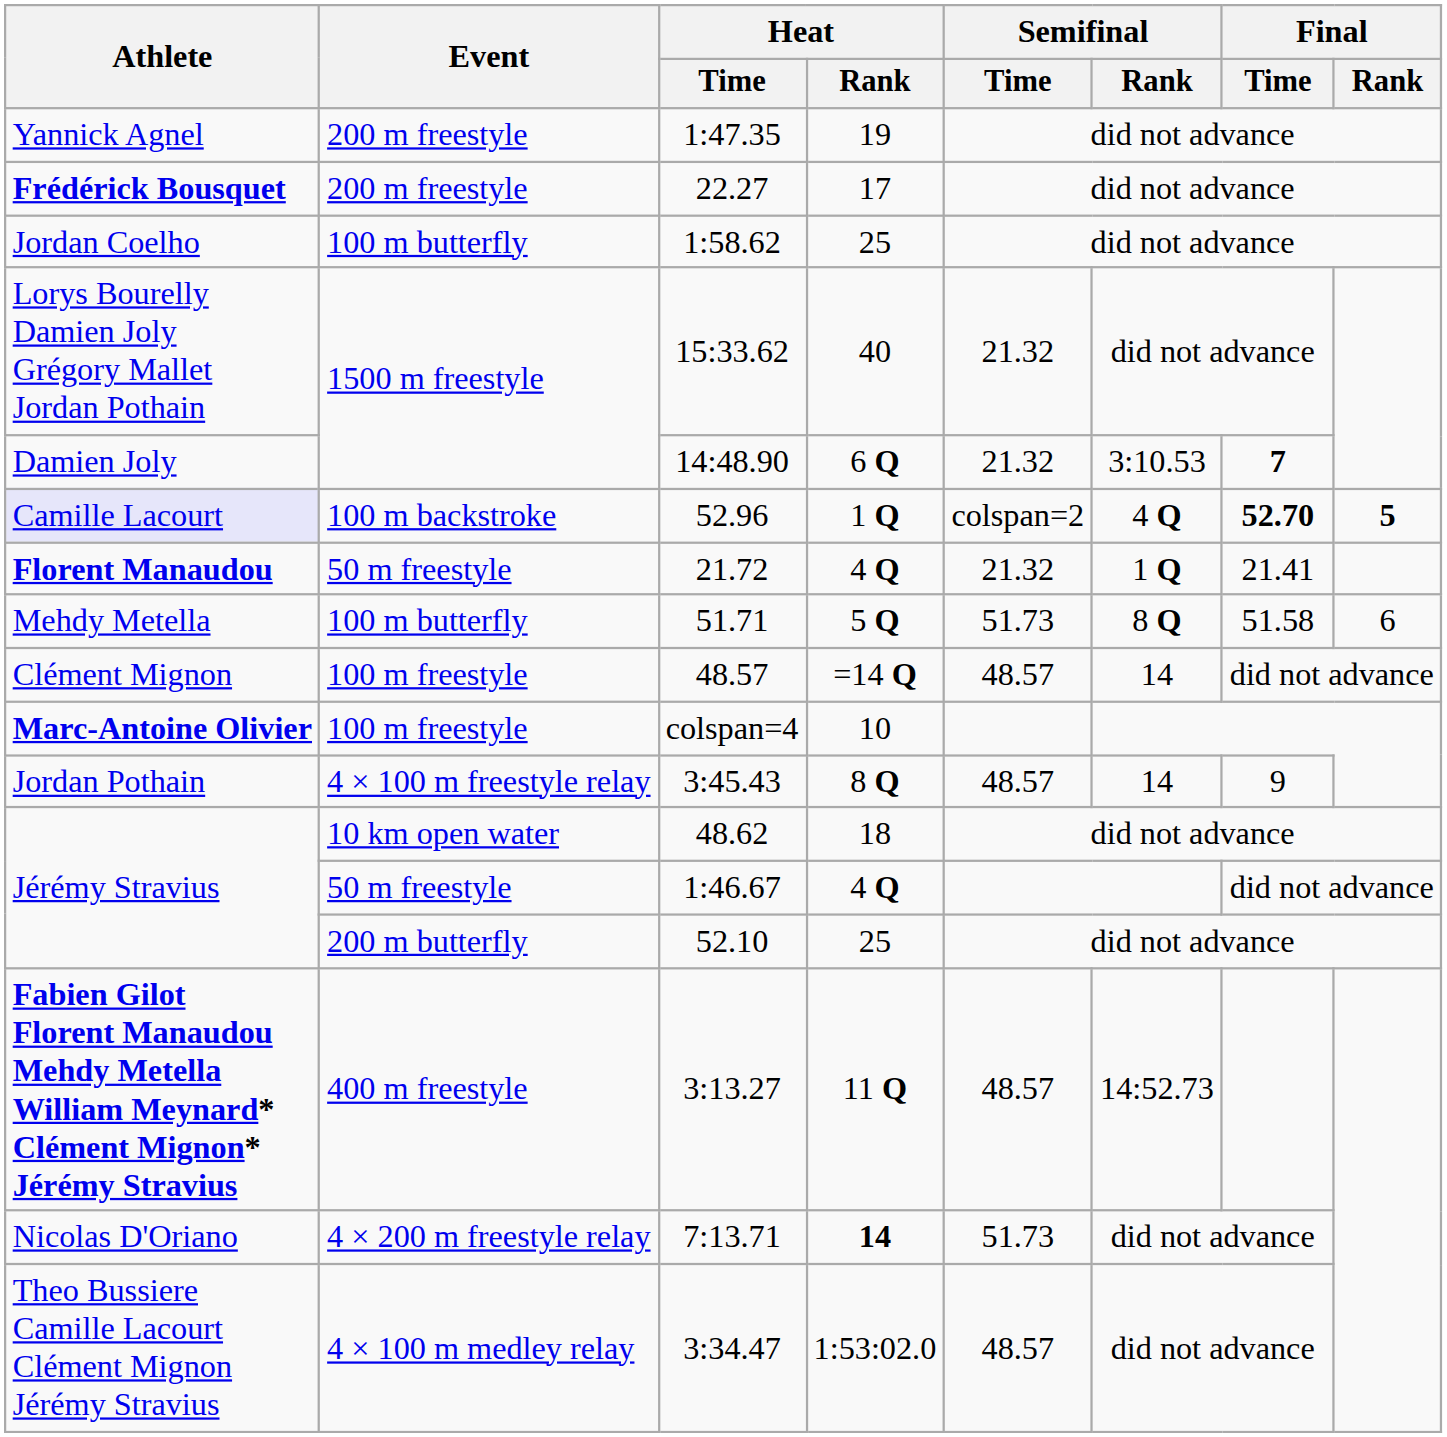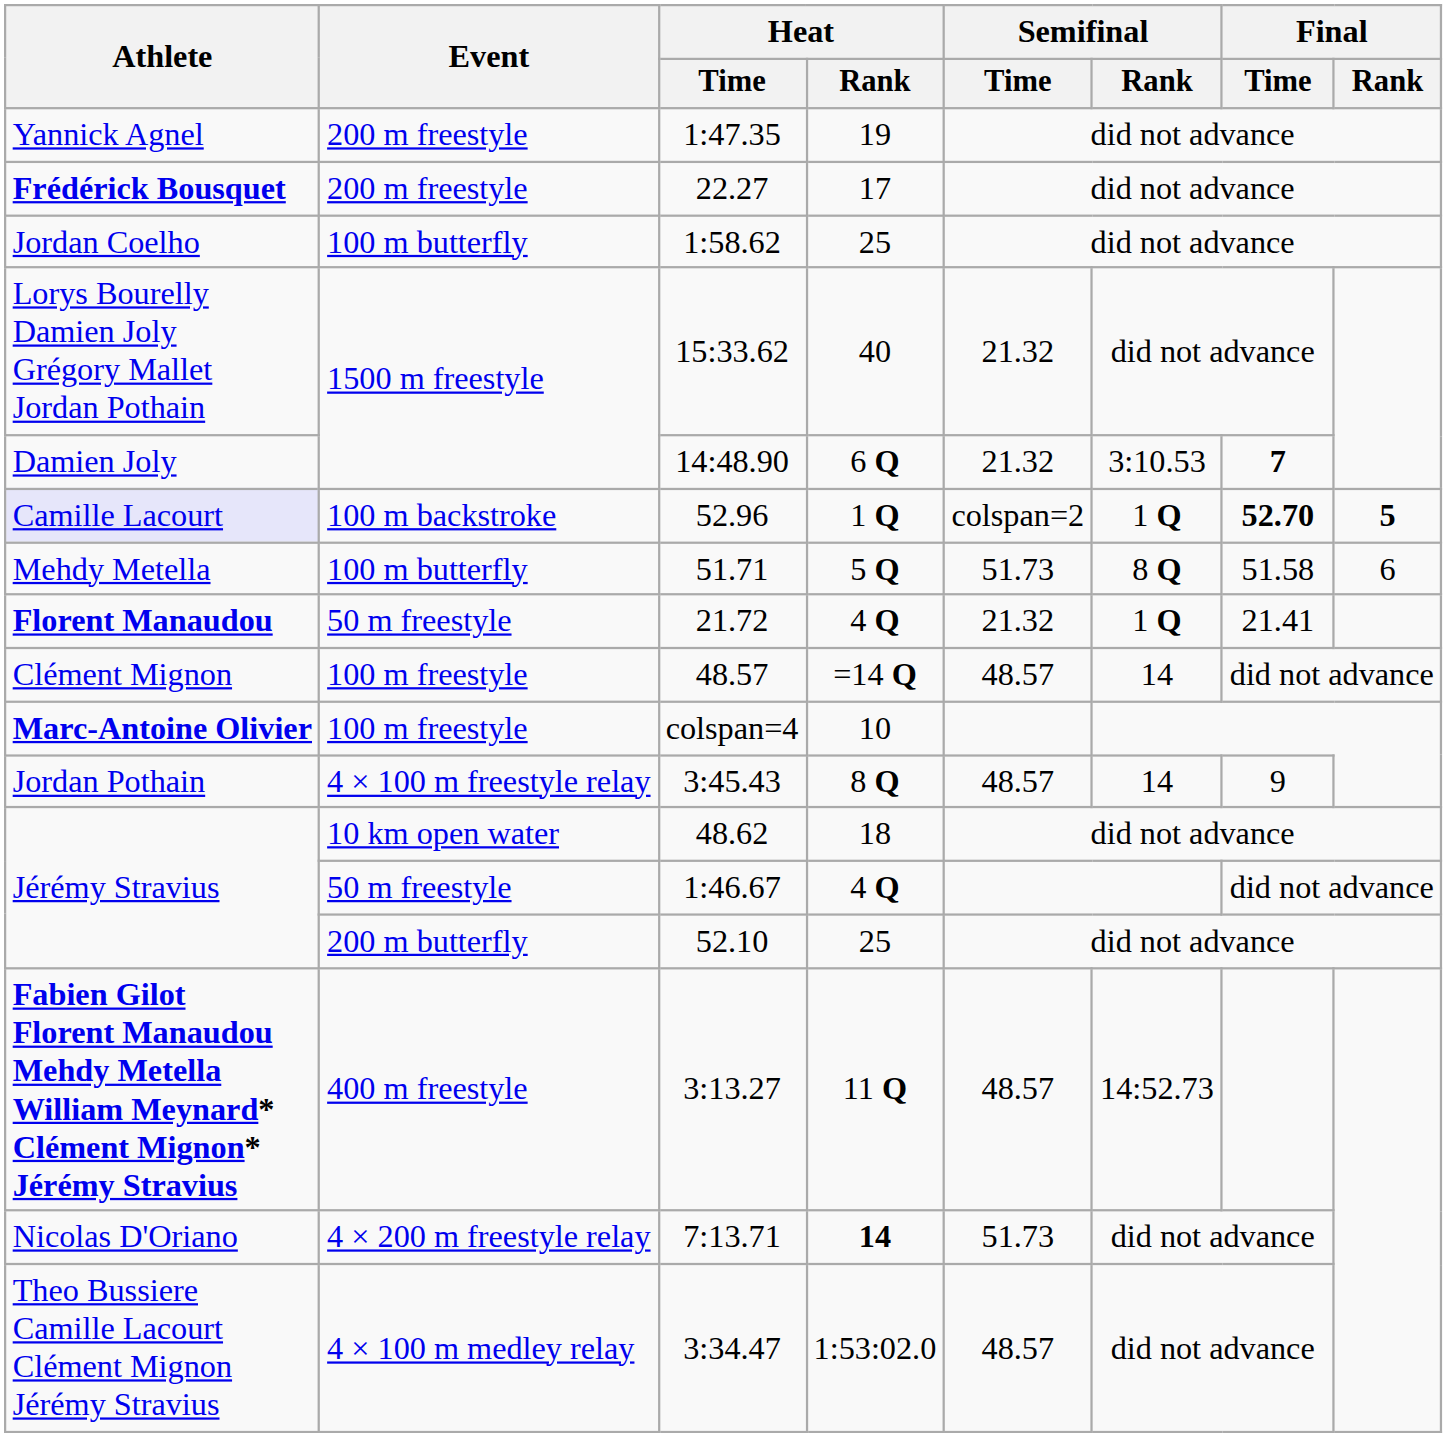 <table class=wikitable style="font-size:90%">
 <tr>
 <th rowspan="2">Athlete</th>
 <th rowspan="2">Event</th>
 <th colspan="2">Heat</th>
 <th colspan="2">Semifinal</th>
 <th colspan="2">Final</th>
 </tr>
 <tr style="font-size:95%">
 <th>Time</th>
 <th>Rank</th>
 <th>Time</th>
 <th>Rank</th>
 <th>Time</th>
 <th>Rank</th>
 </tr>
 <tr align=center>
 <td align=left><a href='#'>Yannick Agnel</a></td>
 <td align=left><a href='#'>200 m freestyle</a></td>
 <td>1:47.35</td>
 <td>19</td>
 <td colspan=4>did not advance</td>
 </tr>
 <tr align=center>
 <td align=left><strong><a href='#'>Frédérick Bousquet</a></strong></td>
 <td align=left><a href='#'>200 m freestyle</a></td>
 <td>22.27</td>
 <td>17</td>
 <td colspan=4>did not advance</td>
 </tr>
 <tr align=center>
 <td align=left><a href='#'>Jordan Coelho</a></td>
 <td align=left><a href='#'>100 m butterfly</a></td>
 <td>1:58.62</td>
 <td>25</td>
 <td colspan=4>did not advance</td>
 </tr>
 <tr align=center>
 <td align=left><a href='#'>Lorys Bourelly</a><br><a href='#'>Damien Joly</a><br><a href='#'>Grégory Mallet</a><br><a href='#'>Jordan Pothain</a></td>
 <td align=left rowspan=2><a href='#'>1500 m freestyle</a></td>
 <td>15:33.62</td>
 <td>40</td>
 <td>21.32</td>
 <td colspan=2>did not advance</td>
 </tr>
 <tr align=center>
 <td align=left><a href='#'>Damien Joly</a></td>
 <td>14:48.90</td>
 <td>6 <strong>Q</strong></td>
 <td>21.32</td>
 <td>3:10.53</td>
 <td><strong>7</strong></td>
 </tr>
 <tr align=center>
 <td align=left style="background: lavender;"><a href='#'>Camille Lacourt</a></td>
 <td align=left><a href='#'>100 m backstroke</a></td>
 <td>52.96</td>
 <td>1 <strong>Q</strong></td>
 <td>colspan=2 </td>
-<td>4 <strong>Q</strong></td>
+<td>1 <strong>Q</strong></td>
 <td><strong>52.70</strong></td>
 <td><strong>5</strong></td>
+</tr>
+<tr align=center>
+<td align=left><a href='#'>Mehdy Metella</a></td>
+<td align=left><a href='#'>100 m butterfly</a></td>
+<td>51.71</td>
+<td>5 <strong>Q</strong></td>
+<td>51.73</td>
+<td>8 <strong>Q</strong></td>
+<td>51.58</td>
+<td>6</td>
 </tr>
 <tr align=center>
 <td align=left><strong><a href='#'>Florent Manaudou</a></strong></td>
 <td align=left><a href='#'>50 m freestyle</a></td>
 <td>21.72</td>
 <td>4 <strong>Q</strong></td>
 <td>21.32</td>
 <td>1 <strong>Q</strong></td>
 <td>21.41</td>
 <td></td>
-</tr>
-<tr align=center>
-<td align=left><a href='#'>Mehdy Metella</a></td>
-<td align=left><a href='#'>100 m butterfly</a></td>
-<td>51.71</td>
-<td>5 <strong>Q</strong></td>
-<td>51.73</td>
-<td>8 <strong>Q</strong></td>
-<td>51.58</td>
-<td>6</td>
 </tr>
 <tr align=center>
 <td align=left><a href='#'>Clément Mignon</a></td>
 <td align=left><a href='#'>100 m freestyle</a></td>
 <td>48.57</td>
 <td>=14 <strong>Q</strong></td>
 <td>48.57</td>
 <td>14</td>
 <td colspan=2>did not advance</td>
 </tr>
 <tr align=center>
 <td align=left><strong><a href='#'>Marc-Antoine Olivier</a></strong></td>
 <td align=left><a href='#'>100 m freestyle</a></td>
 <td>colspan=4 </td>
 <td>10</td>
 <td></td>
 </tr>
 <tr align=center>
 <td align=left><a href='#'>Jordan Pothain</a></td>
 <td align=left><a href='#'>4 × 100 m freestyle relay</a></td>
 <td>3:45.43</td>
 <td>8 <strong>Q</strong></td>
 <td>48.57</td>
 <td>14</td>
 <td>9</td>
 </tr>
 <tr align=center>
 <td align=left rowspan=3><a href='#'>Jérémy Stravius</a></td>
 <td align=left><a href='#'>10 km open water</a></td>
 <td>48.62</td>
 <td>18</td>
 <td colspan=4>did not advance</td>
 </tr>
 <tr align=center>
 <td align=left><a href='#'>50 m freestyle</a></td>
 <td>1:46.67</td>
 <td>4 <strong>Q</strong></td>
 <td colspan=2></td>
 <td colspan=2>did not advance</td>
 </tr>
 <tr align=center>
 <td align=left><a href='#'>200 m butterfly</a></td>
 <td>52.10</td>
 <td>25</td>
 <td colspan=4>did not advance</td>
 </tr>
 <tr align=center>
 <td align=left><strong><a href='#'>Fabien Gilot</a><br><a href='#'>Florent Manaudou</a><br><a href='#'>Mehdy Metella</a><br><a href='#'>William Meynard</a>*<br><a href='#'>Clément Mignon</a>*<br><a href='#'>Jérémy Stravius</a></strong></td>
 <td align=left><a href='#'>400 m freestyle</a></td>
 <td>3:13.27</td>
 <td>11 <strong>Q</strong></td>
 <td>48.57</td>
 <td>14:52.73</td>
 <td></td>
 </tr>
 <tr align=center>
 <td align=left><a href='#'>Nicolas D'Oriano</a></td>
 <td align=left><a href='#'>4 × 200 m freestyle relay</a></td>
 <td>7:13.71</td>
 <td><strong>14</strong></td>
 <td>51.73</td>
 <td colspan=2>did not advance</td>
 </tr>
 <tr align=center>
 <td align=left><a href='#'>Theo Bussiere</a><br><a href='#'>Camille Lacourt</a><br><a href='#'>Clément Mignon</a><br><a href='#'>Jérémy Stravius</a></td>
 <td align=left><a href='#'>4 × 100 m medley relay</a></td>
 <td>3:34.47</td>
 <td>1:53:02.0</td>
 <td>48.57</td>
 <td colspan=2>did not advance</td>
 </tr>
 </table>
